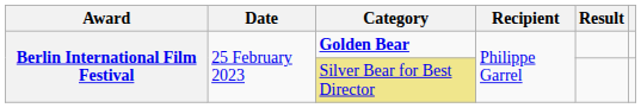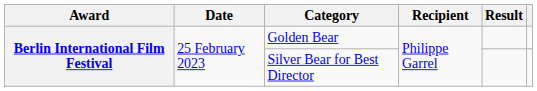 <table class="wikitable sortable plainrowheaders">
 <tr>
 <th>Award</th>
 <th>Date</th>
 <th>Category</th>
 <th>Recipient</th>
 <th>Result</th>
 <th></th>
 </tr>
 <tr>
 <th scope="row" rowspan=2><a href='#'>Berlin International Film Festival</a></th>
 <td rowspan=2><a href='#'>25 February 2023</a></td>
-<td><strong><a href='#'>Golden Bear</a></strong></td>
+<td><a href='#'>Golden Bear</a></td>
 <td rowspan=2><a href='#'>Philippe Garrel</a></td>
 <td></td>
 <td align="center" rowspan="1"></td>
 </tr>
 <tr>
-<td style="background: khaki;"><a href='#'>Silver Bear for Best Director</a></td>
+<td><a href='#'>Silver Bear for Best Director</a></td>
 <td></td>
 <td align="center" rowspan="1"></td>
 </tr>
 </table>
